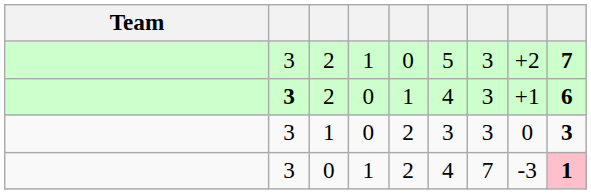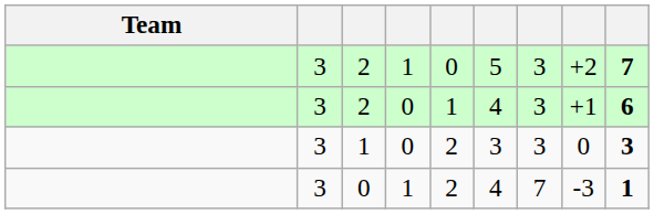 <table class="wikitable" style="text-align:center;">
 <tr>
 <th width="175">Team</th>
 <th width="20"></th>
 <th width="20"></th>
 <th width="20"></th>
 <th width="20"></th>
 <th width="20"></th>
 <th width="20"></th>
 <th width="20"></th>
 <th width="20"></th>
 </tr>
 <tr bgcolor="#ccffcc">
 <td align=left></td>
 <td>3</td>
 <td>2</td>
 <td>1</td>
 <td>0</td>
 <td>5</td>
 <td>3</td>
 <td>+2</td>
 <td><strong>7</strong></td>
 </tr>
 <tr bgcolor="#ccffcc">
 <td align=left></td>
-<td><strong>3</strong></td>
+<td>3</td>
 <td>2</td>
 <td>0</td>
 <td>1</td>
 <td>4</td>
 <td>3</td>
 <td>+1</td>
 <td><strong>6</strong></td>
 </tr>
 <tr>
 <td align=left></td>
 <td>3</td>
 <td>1</td>
 <td>0</td>
 <td>2</td>
 <td>3</td>
 <td>3</td>
 <td>0</td>
 <td><strong>3</strong></td>
 </tr>
 <tr>
 <td align=left></td>
 <td>3</td>
 <td>0</td>
 <td>1</td>
 <td>2</td>
 <td>4</td>
 <td>7</td>
 <td>-3</td>
-<td style="background: pink;"><strong>1</strong></td>
+<td><strong>1</strong></td>
 </tr>
 </table>
